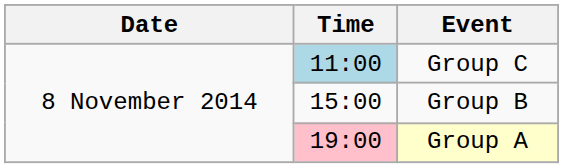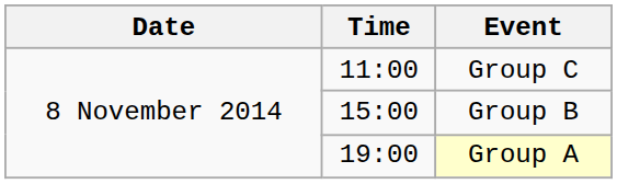 <table class = "wikitable" style="text-align:center;">
 <tr>
 <th width=150>Date</th>
 <th width=50>Time</th>
 <th width=80>Event</th>
 </tr>
 <tr>
 <td rowspan=3>8 November 2014</td>
-<td style="background: lightblue;">11:00</td>
+<td>11:00</td>
 <td>Group C</td>
 </tr>
 <tr>
 <td>15:00</td>
 <td>Group B</td>
 </tr>
 <tr>
-<td style="background: pink;">19:00</td>
+<td>19:00</td>
 <td bgcolor=ffffcc>Group A</td>
 </tr>
 </table>
